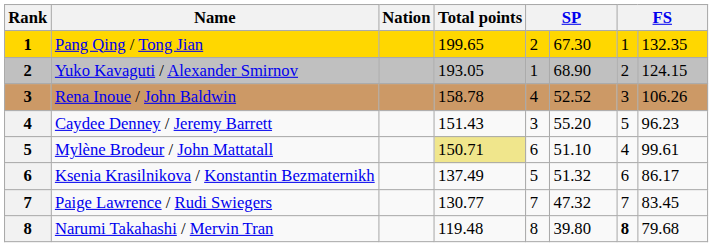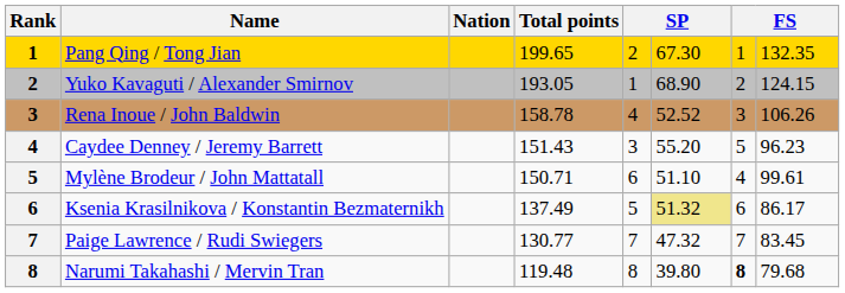 <table class="wikitable sortable">
 <tr>
 <th>Rank</th>
 <th>Name</th>
 <th>Nation</th>
 <th>Total points</th>
 <th colspan="2" style="width:80px;"><a href='#'>SP</a></th>
 <th colspan="2" style="width:80px;"><a href='#'>FS</a></th>
 </tr>
 <tr style="background:gold;">
 <td style="text-align:center;"><strong>1</strong></td>
 <td><a href='#'>Pang Qing</a> / <a href='#'>Tong Jian</a></td>
 <td></td>
 <td>199.65</td>
 <td>2</td>
 <td>67.30</td>
 <td>1</td>
 <td>132.35</td>
 </tr>
 <tr style="background:silver;">
 <td style="text-align:center;"><strong>2</strong></td>
 <td><a href='#'>Yuko Kavaguti</a> / <a href='#'>Alexander Smirnov</a></td>
 <td></td>
 <td>193.05</td>
 <td>1</td>
 <td>68.90</td>
 <td>2</td>
 <td>124.15</td>
 </tr>
 <tr style="background:#c96;">
 <td style="text-align:center;"><strong>3</strong></td>
 <td><a href='#'>Rena Inoue</a> / <a href='#'>John Baldwin</a></td>
 <td></td>
 <td>158.78</td>
 <td>4</td>
 <td>52.52</td>
 <td>3</td>
 <td>106.26</td>
 </tr>
 <tr>
 <th>4</th>
 <td><a href='#'>Caydee Denney</a> / <a href='#'>Jeremy Barrett</a></td>
 <td></td>
 <td>151.43</td>
 <td>3</td>
 <td>55.20</td>
 <td>5</td>
 <td>96.23</td>
 </tr>
 <tr>
 <th>5</th>
 <td><a href='#'>Mylène Brodeur</a> / <a href='#'>John Mattatall</a></td>
 <td></td>
-<td style="background: khaki;">150.71</td>
+<td>150.71</td>
 <td>6</td>
 <td>51.10</td>
 <td>4</td>
 <td>99.61</td>
 </tr>
 <tr>
 <th>6</th>
 <td><a href='#'>Ksenia Krasilnikova</a> / <a href='#'>Konstantin Bezmaternikh</a></td>
 <td></td>
 <td>137.49</td>
 <td>5</td>
-<td>51.32</td>
+<td style="background: khaki;">51.32</td>
 <td>6</td>
 <td>86.17</td>
 </tr>
 <tr>
 <th>7</th>
 <td><a href='#'>Paige Lawrence</a> / <a href='#'>Rudi Swiegers</a></td>
 <td></td>
 <td>130.77</td>
 <td>7</td>
 <td>47.32</td>
 <td>7</td>
 <td>83.45</td>
 </tr>
 <tr>
 <th>8</th>
 <td><a href='#'>Narumi Takahashi</a> / <a href='#'>Mervin Tran</a></td>
 <td></td>
 <td>119.48</td>
 <td>8</td>
 <td>39.80</td>
 <td><strong>8</strong></td>
 <td>79.68</td>
 </tr>
 </table>
